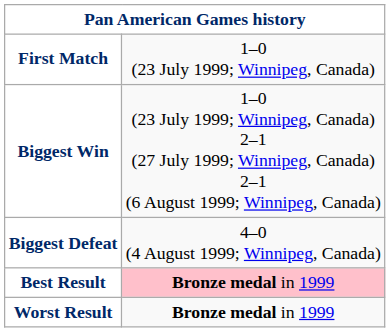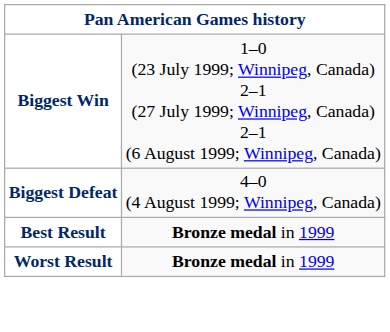 <table class="wikitable collapsible collapsed" style="text-align: center;font-size:90%;">
 <tr>
 <th colspan=2 style="color:#002868; background:white; ">Pan American Games history</th>
-</tr>
-<tr>
-<th style="color:#002868; background:white; ">First Match</th>
-<td> 1–0  <br> (23 July 1999; <a href='#'>Winnipeg</a>, Canada)</td>
 </tr>
 <tr>
 <th style="color:#002868; background:white; ">Biggest Win</th>
 <td> 1–0  <br> (23 July 1999; <a href='#'>Winnipeg</a>, Canada) <br>  2–1  <br> (27 July 1999; <a href='#'>Winnipeg</a>, Canada) <br>  2–1  <br> (6 August 1999; <a href='#'>Winnipeg</a>, Canada)</td>
 </tr>
 <tr>
 <th style="color:#002868; background:white; ">Biggest Defeat</th>
 <td> 4–0 <br>(4 August 1999; <a href='#'>Winnipeg</a>, Canada)</td>
 </tr>
 <tr>
 <th style="color:#002868; background:white; ">Best Result</th>
-<td style="background: pink;"><strong>Bronze medal</strong> in <a href='#'>1999</a></td>
+<td><strong>Bronze medal</strong> in <a href='#'>1999</a></td>
 </tr>
 <tr>
 <th style="color:#002868; background:white; ">Worst Result</th>
 <td><strong>Bronze medal</strong> in <a href='#'>1999</a></td>
 </tr>
 </table>
